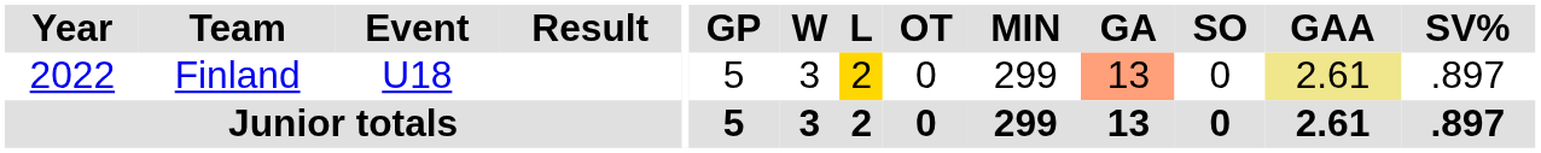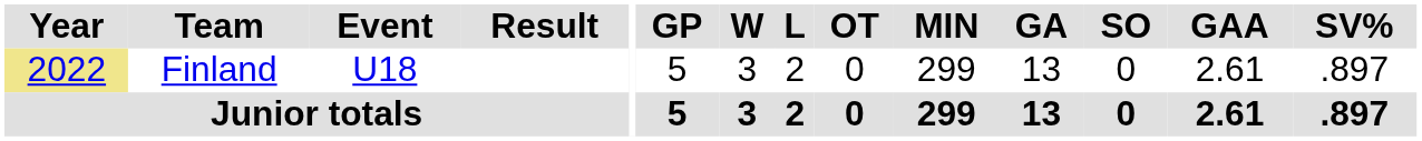 <table border="0" cellpadding="1" cellspacing="0" ID="Table3" style="text-align:center; width:40em">
 <tr bgcolor="#e0e0e0">
 <th>Year</th>
 <th>Team</th>
 <th>Event</th>
 <th>Result</th>
 <th rowspan="99" bgcolor="#ffffff"></th>
 <th>GP</th>
 <th>W</th>
 <th>L</th>
 <th>OT</th>
 <th>MIN</th>
 <th>GA</th>
 <th>SO</th>
 <th>GAA</th>
 <th>SV%</th>
 </tr>
 <tr>
-<td><a href='#'>2022</a></td>
+<td style="background: khaki;"><a href='#'>2022</a></td>
 <td><a href='#'>Finland</a></td>
 <td><a href='#'>U18</a></td>
 <td></td>
 <td>5</td>
 <td>3</td>
-<td style="background: gold;">2</td>
+<td>2</td>
 <td>0</td>
 <td>299</td>
-<td style="background: lightsalmon;">13</td>
+<td>13</td>
 <td>0</td>
-<td style="background: khaki;">2.61</td>
+<td>2.61</td>
 <td>.897</td>
 </tr>
 <tr bgcolor="#e0e0e0">
 <th colspan="4">Junior totals</th>
 <th>5</th>
 <th>3</th>
 <th>2</th>
 <th>0</th>
 <th>299</th>
 <th>13</th>
 <th>0</th>
 <th>2.61</th>
 <th>.897</th>
 </tr>
 </table>
